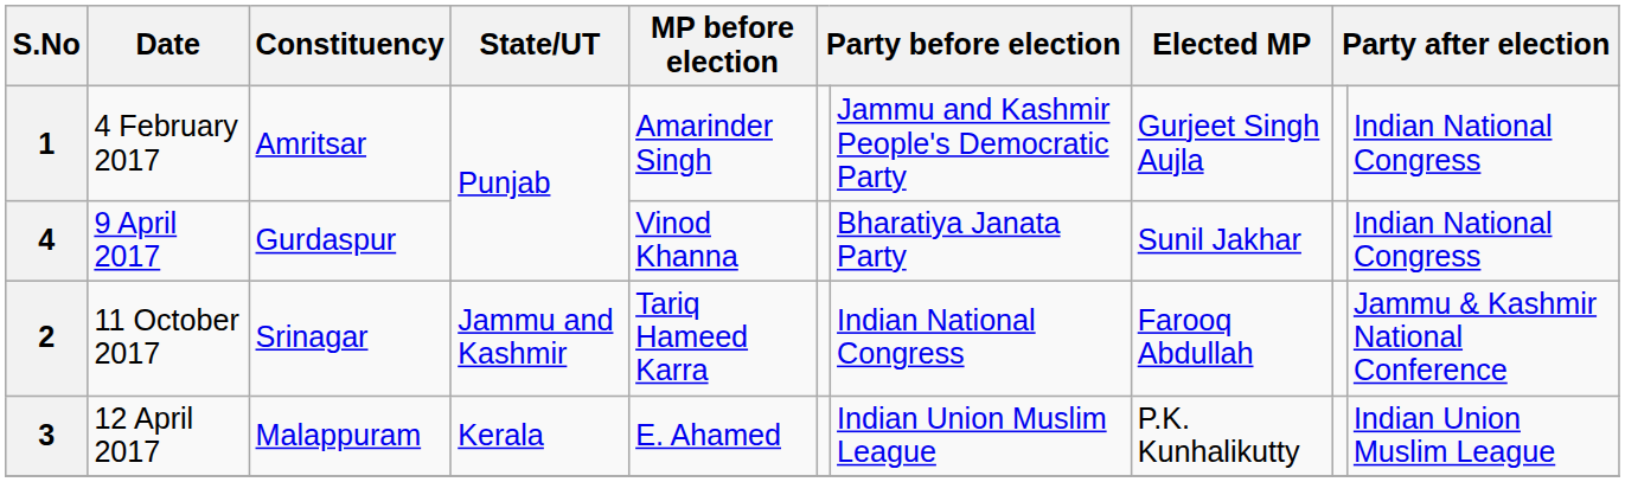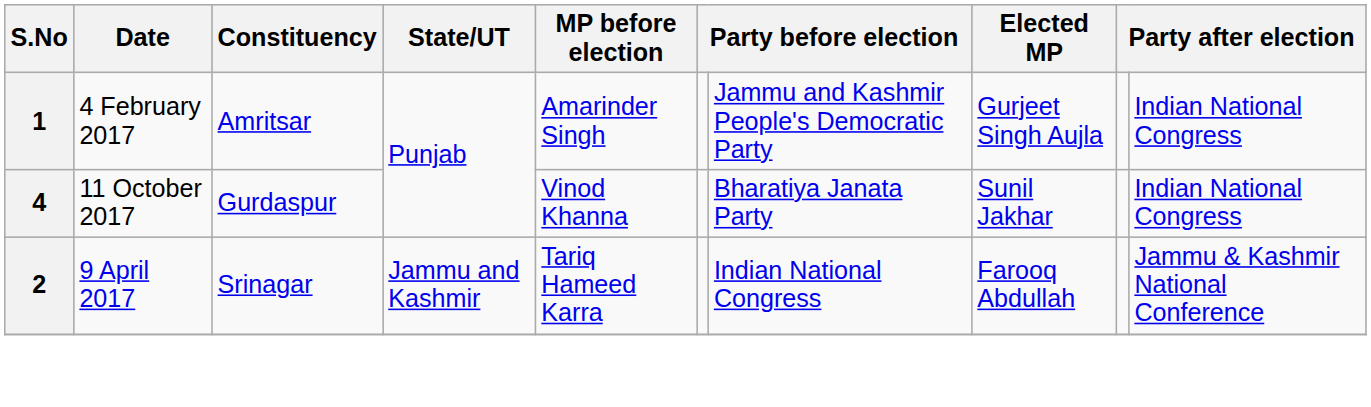 <table class="wikitable sortable">
 <tr>
 <th>S.No</th>
 <th>Date</th>
 <th>Constituency</th>
 <th>State/UT</th>
 <th>MP before election</th>
 <th colspan="2">Party before election</th>
 <th>Elected MP</th>
 <th colspan="2">Party after election</th>
 </tr>
 <tr>
 <th>1</th>
 <td>4 February 2017</td>
 <td><a href='#'>Amritsar</a></td>
 <td rowspan="2"><a href='#'>Punjab</a></td>
 <td><a href='#'>Amarinder Singh</a></td>
 <td style="color:inherit;background:"></td>
 <td><a href='#'>Jammu and Kashmir People's Democratic Party</a></td>
 <td><a href='#'>Gurjeet Singh Aujla</a></td>
 <td style="color:inherit;background:"></td>
 <td><a href='#'>Indian National Congress</a></td>
 </tr>
 <tr>
 <th>4</th>
-<td><a href='#'>9 April 2017</a></td>
+<td>11 October 2017</td>
 <td><a href='#'>Gurdaspur</a></td>
 <td><a href='#'>Vinod Khanna</a></td>
 <td style="color:inherit;background:"></td>
 <td><a href='#'>Bharatiya Janata Party</a></td>
 <td><a href='#'>Sunil Jakhar</a></td>
 <td style="color:inherit;background:"></td>
 <td><a href='#'>Indian National Congress</a></td>
 </tr>
 <tr>
 <th>2</th>
-<td>11 October 2017</td>
+<td><a href='#'>9 April 2017</a></td>
 <td><a href='#'>Srinagar</a></td>
 <td><a href='#'>Jammu and Kashmir</a></td>
 <td><a href='#'>Tariq Hameed Karra</a></td>
 <td style="color:inherit;background:"></td>
 <td><a href='#'>Indian National Congress</a></td>
 <td><a href='#'>Farooq Abdullah</a></td>
 <td style="color:inherit;background:"></td>
 <td><a href='#'>Jammu & Kashmir National Conference</a></td>
 </tr>
 <tr>
-<th>3</th>
-<td>12 April 2017</td>
-<td><a href='#'>Malappuram</a></td>
-<td><a href='#'>Kerala</a></td>
-<td><a href='#'>E. Ahamed</a></td>
-<td style="color:inherit;background:"></td>
-<td><a href='#'>Indian Union Muslim League</a></td>
-<td>P.K. Kunhalikutty</td>
-<td style="color:inherit;background:"></td>
-<td><a href='#'>Indian Union Muslim League</a></td>
-</tr>
-<tr>
 </tr>
 </table>
